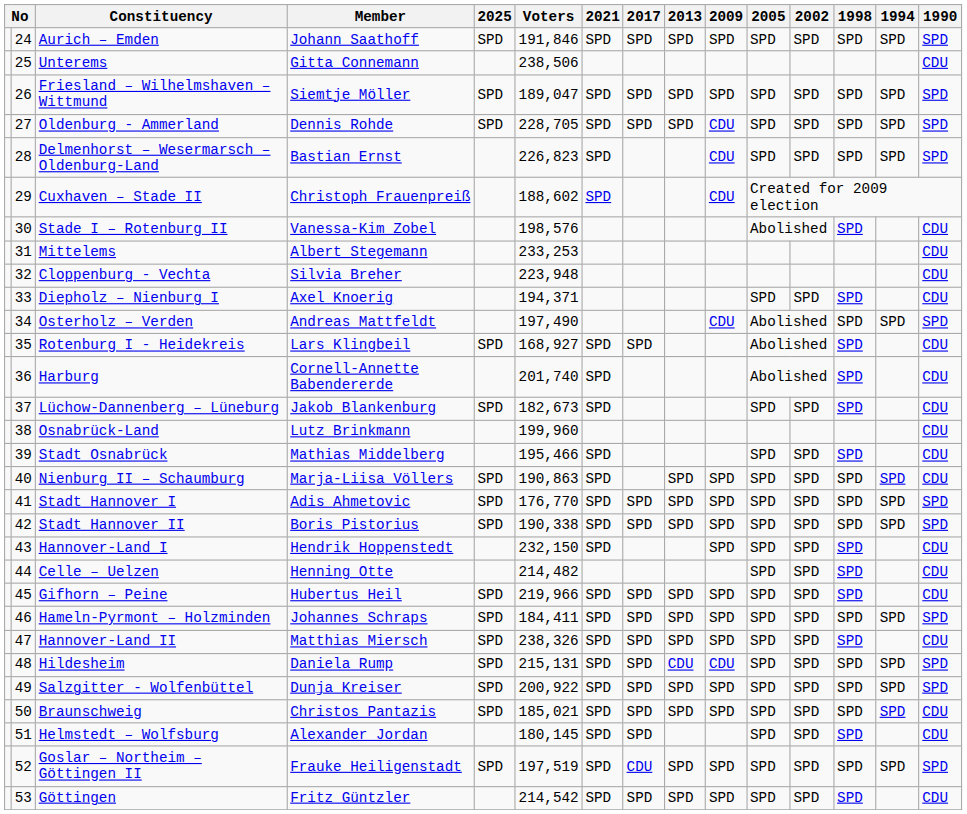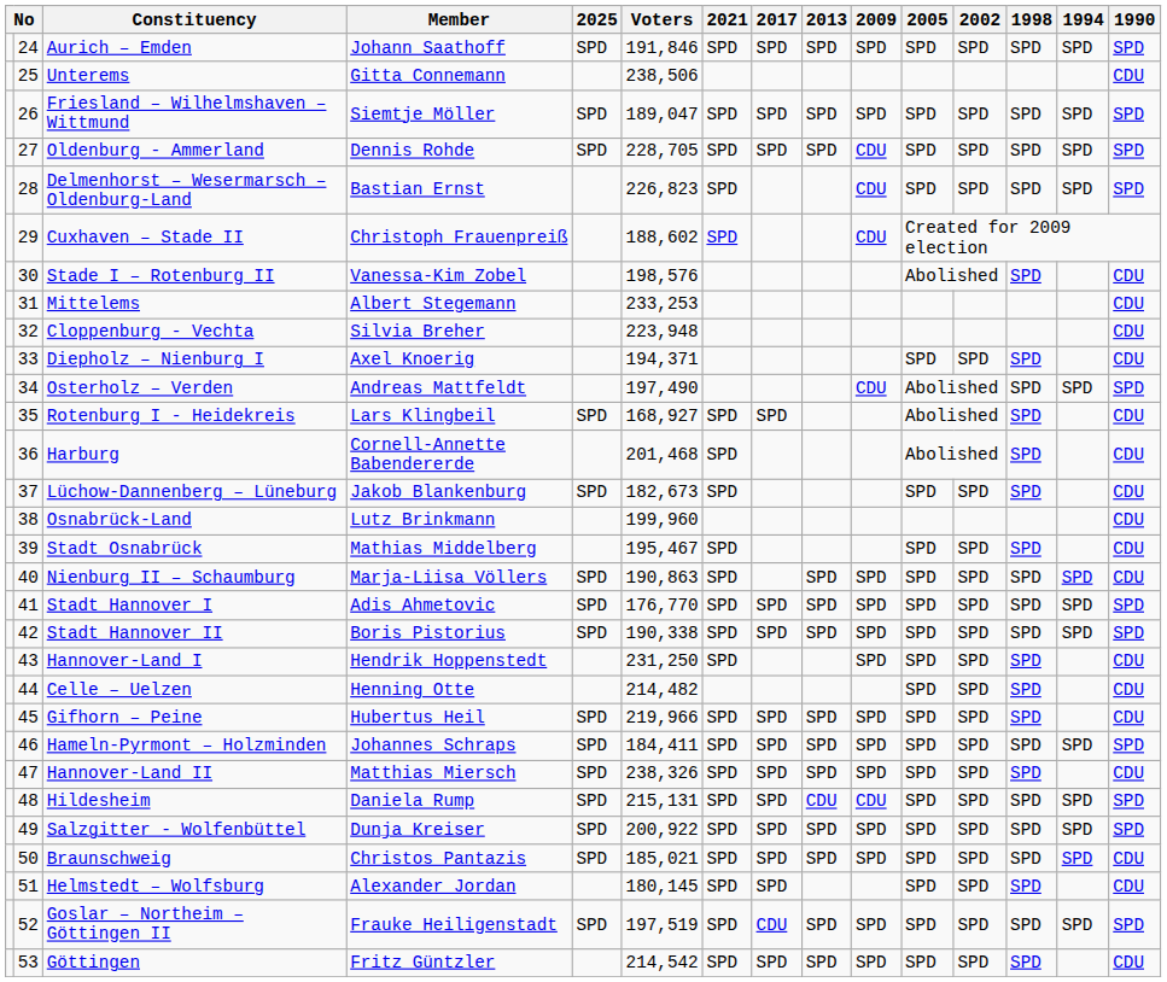 <table class="wikitable sortable">
 <tr>
 <th colspan=2>No</th>
 <th>Constituency</th>
 <th>Member</th>
 <th>2025</th>
 <th>Voters</th>
 <th>2021</th>
 <th>2017</th>
 <th>2013</th>
 <th>2009</th>
 <th>2005</th>
 <th>2002</th>
 <th>1998</th>
 <th>1994</th>
 <th>1990</th>
 </tr>
 <tr>
 <td style="background-color: "></td>
 <td>24</td>
 <td><a href='#'>Aurich – Emden</a></td>
 <td><a href='#'>Johann Saathoff</a></td>
 <td bgcolor=>SPD</td>
 <td>191,846</td>
 <td bgcolor=>SPD</td>
 <td bgcolor=>SPD</td>
 <td bgcolor=>SPD</td>
 <td bgcolor=>SPD</td>
 <td bgcolor=>SPD</td>
 <td bgcolor=>SPD</td>
 <td bgcolor=>SPD</td>
 <td bgcolor=>SPD</td>
 <td><a href='#'>SPD</a></td>
 </tr>
 <tr>
 <td style="background-color: "></td>
 <td>25</td>
 <td><a href='#'>Unterems</a></td>
 <td><a href='#'>Gitta Connemann</a></td>
 <td></td>
 <td>238,506</td>
 <td></td>
 <td></td>
 <td></td>
 <td></td>
 <td></td>
 <td></td>
 <td></td>
 <td></td>
 <td><a href='#'>CDU</a></td>
 </tr>
 <tr>
 <td style="background-color: "></td>
 <td>26</td>
 <td><a href='#'>Friesland – Wilhelmshaven – Wittmund</a></td>
 <td><a href='#'>Siemtje Möller</a></td>
 <td bgcolor=>SPD</td>
 <td>189,047</td>
 <td bgcolor=>SPD</td>
 <td bgcolor=>SPD</td>
 <td bgcolor=>SPD</td>
 <td bgcolor=>SPD</td>
 <td bgcolor=>SPD</td>
 <td bgcolor=>SPD</td>
 <td bgcolor=>SPD</td>
 <td bgcolor=>SPD</td>
 <td><a href='#'>SPD</a></td>
 </tr>
 <tr>
 <td style="background-color: "></td>
 <td>27</td>
 <td><a href='#'>Oldenburg - Ammerland</a></td>
 <td><a href='#'>Dennis Rohde</a></td>
 <td bgcolor=>SPD</td>
 <td>228,705</td>
 <td bgcolor=>SPD</td>
 <td bgcolor=>SPD</td>
 <td bgcolor=>SPD</td>
 <td><a href='#'>CDU</a></td>
 <td bgcolor=>SPD</td>
 <td bgcolor=>SPD</td>
 <td bgcolor=>SPD</td>
 <td bgcolor=>SPD</td>
 <td><a href='#'>SPD</a></td>
 </tr>
 <tr>
 <td style="background-color: "></td>
 <td>28</td>
 <td><a href='#'>Delmenhorst – Wesermarsch – Oldenburg-Land</a></td>
 <td><a href='#'>Bastian Ernst</a></td>
 <td></td>
 <td>226,823</td>
 <td bgcolor=>SPD</td>
 <td></td>
 <td></td>
 <td><a href='#'>CDU</a></td>
 <td bgcolor=>SPD</td>
 <td bgcolor=>SPD</td>
 <td bgcolor=>SPD</td>
 <td bgcolor=>SPD</td>
 <td><a href='#'>SPD</a></td>
 </tr>
 <tr>
 <td style="background-color: "></td>
 <td>29</td>
 <td><a href='#'>Cuxhaven – Stade II</a></td>
 <td><a href='#'>Christoph Frauenpreiß</a></td>
 <td></td>
 <td>188,602</td>
 <td><a href='#'>SPD</a></td>
 <td></td>
 <td></td>
 <td><a href='#'>CDU</a></td>
 <td colspan=5>Created for 2009 election</td>
 </tr>
 <tr>
 <td style="background-color: "></td>
 <td>30</td>
 <td><a href='#'>Stade I – Rotenburg II</a></td>
 <td><a href='#'>Vanessa-Kim Zobel</a></td>
 <td></td>
 <td>198,576</td>
 <td></td>
 <td></td>
 <td></td>
 <td></td>
 <td colspan=2>Abolished</td>
 <td><a href='#'>SPD</a></td>
 <td></td>
 <td><a href='#'>CDU</a></td>
 </tr>
 <tr>
 <td style="background-color: "></td>
 <td>31</td>
 <td><a href='#'>Mittelems</a></td>
 <td><a href='#'>Albert Stegemann</a></td>
 <td></td>
 <td>233,253</td>
 <td></td>
 <td></td>
 <td></td>
 <td></td>
 <td></td>
 <td></td>
 <td></td>
 <td></td>
 <td><a href='#'>CDU</a></td>
 </tr>
 <tr>
 <td style="background-color: "></td>
 <td>32</td>
 <td><a href='#'>Cloppenburg - Vechta</a></td>
 <td><a href='#'>Silvia Breher</a></td>
 <td></td>
 <td>223,948</td>
 <td></td>
 <td></td>
 <td></td>
 <td></td>
 <td></td>
 <td></td>
 <td></td>
 <td></td>
 <td><a href='#'>CDU</a></td>
 </tr>
 <tr>
 <td style="background-color: "></td>
 <td>33</td>
 <td><a href='#'>Diepholz – Nienburg I</a></td>
 <td><a href='#'>Axel Knoerig</a></td>
 <td></td>
 <td>194,371</td>
 <td></td>
 <td></td>
 <td></td>
 <td></td>
 <td bgcolor=>SPD</td>
 <td bgcolor=>SPD</td>
 <td><a href='#'>SPD</a></td>
 <td></td>
 <td><a href='#'>CDU</a></td>
 </tr>
 <tr>
 <td style="background-color: "></td>
 <td>34</td>
 <td><a href='#'>Osterholz – Verden</a></td>
 <td><a href='#'>Andreas Mattfeldt</a></td>
 <td></td>
 <td>197,490</td>
 <td></td>
 <td></td>
 <td></td>
 <td><a href='#'>CDU</a></td>
 <td colspan=2>Abolished</td>
 <td bgcolor=>SPD</td>
 <td bgcolor=>SPD</td>
 <td><a href='#'>SPD</a></td>
 </tr>
 <tr>
 <td style="background-color: "></td>
 <td>35</td>
 <td><a href='#'>Rotenburg I - Heidekreis</a></td>
 <td><a href='#'>Lars Klingbeil</a></td>
 <td bgcolor=>SPD</td>
 <td>168,927</td>
 <td bgcolor=>SPD</td>
 <td bgcolor=>SPD</td>
 <td></td>
 <td></td>
 <td colspan=2>Abolished</td>
 <td><a href='#'>SPD</a></td>
 <td></td>
 <td><a href='#'>CDU</a></td>
 </tr>
 <tr>
 <td style="background-color: "></td>
 <td>36</td>
 <td><a href='#'>Harburg</a></td>
 <td><a href='#'>Cornell-Annette Babendererde</a></td>
 <td></td>
-<td>201,740</td>
+<td>201,468</td>
 <td bgcolor=>SPD</td>
 <td></td>
 <td></td>
 <td></td>
 <td colspan=2>Abolished</td>
 <td><a href='#'>SPD</a></td>
 <td></td>
 <td><a href='#'>CDU</a></td>
 </tr>
 <tr>
 <td style="background-color: "></td>
 <td>37</td>
 <td><a href='#'>Lüchow-Dannenberg – Lüneburg</a></td>
 <td><a href='#'>Jakob Blankenburg</a></td>
 <td bgcolor=>SPD</td>
 <td>182,673</td>
 <td bgcolor=>SPD</td>
 <td></td>
 <td></td>
 <td></td>
 <td bgcolor=>SPD</td>
 <td bgcolor=>SPD</td>
 <td><a href='#'>SPD</a></td>
 <td></td>
 <td><a href='#'>CDU</a></td>
 </tr>
 <tr>
 <td style="background-color: "></td>
 <td>38</td>
 <td><a href='#'>Osnabrück-Land</a></td>
 <td><a href='#'>Lutz Brinkmann</a></td>
 <td></td>
 <td>199,960</td>
 <td></td>
 <td></td>
 <td></td>
 <td></td>
 <td></td>
 <td></td>
 <td></td>
 <td></td>
 <td><a href='#'>CDU</a></td>
 </tr>
 <tr>
 <td style="background-color: "></td>
 <td>39</td>
 <td><a href='#'>Stadt Osnabrück</a></td>
 <td><a href='#'>Mathias Middelberg</a></td>
 <td></td>
-<td>195,466</td>
+<td>195,467</td>
 <td bgcolor=>SPD</td>
 <td></td>
 <td></td>
 <td></td>
 <td bgcolor=>SPD</td>
 <td bgcolor=>SPD</td>
 <td><a href='#'>SPD</a></td>
 <td></td>
 <td><a href='#'>CDU</a></td>
 </tr>
 <tr>
 <td style="background-color: "></td>
 <td>40</td>
 <td><a href='#'>Nienburg II – Schaumburg</a></td>
 <td><a href='#'>Marja-Liisa Völlers</a></td>
 <td bgcolor=>SPD</td>
 <td>190,863</td>
 <td bgcolor=>SPD</td>
 <td></td>
 <td bgcolor=>SPD</td>
 <td bgcolor=>SPD</td>
 <td bgcolor=>SPD</td>
 <td bgcolor=>SPD</td>
 <td bgcolor=>SPD</td>
 <td><a href='#'>SPD</a></td>
 <td><a href='#'>CDU</a></td>
 </tr>
 <tr>
 <td style="background-color: "></td>
 <td>41</td>
 <td><a href='#'>Stadt Hannover I</a></td>
 <td><a href='#'>Adis Ahmetovic</a></td>
 <td bgcolor=>SPD</td>
 <td>176,770</td>
 <td bgcolor=>SPD</td>
 <td bgcolor=>SPD</td>
 <td bgcolor=>SPD</td>
 <td bgcolor=>SPD</td>
 <td bgcolor=>SPD</td>
 <td bgcolor=>SPD</td>
 <td bgcolor=>SPD</td>
 <td bgcolor=>SPD</td>
 <td><a href='#'>SPD</a></td>
 </tr>
 <tr>
 <td style="background-color: "></td>
 <td>42</td>
 <td><a href='#'>Stadt Hannover II</a></td>
 <td><a href='#'>Boris Pistorius</a></td>
 <td bgcolor=>SPD</td>
 <td>190,338</td>
 <td bgcolor=>SPD</td>
 <td bgcolor=>SPD</td>
 <td bgcolor=>SPD</td>
 <td bgcolor=>SPD</td>
 <td bgcolor=>SPD</td>
 <td bgcolor=>SPD</td>
 <td bgcolor=>SPD</td>
 <td bgcolor=>SPD</td>
 <td><a href='#'>SPD</a></td>
 </tr>
 <tr>
 <td style="background-color: "></td>
 <td>43</td>
 <td><a href='#'>Hannover-Land I</a></td>
 <td><a href='#'>Hendrik Hoppenstedt</a></td>
 <td></td>
-<td>232,150</td>
+<td>231,250</td>
 <td bgcolor=>SPD</td>
 <td></td>
 <td></td>
 <td bgcolor=>SPD</td>
 <td bgcolor=>SPD</td>
 <td bgcolor=>SPD</td>
 <td><a href='#'>SPD</a></td>
 <td></td>
 <td><a href='#'>CDU</a></td>
 </tr>
 <tr>
 <td style="background-color: "></td>
 <td>44</td>
 <td><a href='#'>Celle – Uelzen</a></td>
 <td><a href='#'>Henning Otte</a></td>
 <td></td>
 <td>214,482</td>
 <td></td>
 <td></td>
 <td></td>
 <td></td>
 <td bgcolor=>SPD</td>
 <td bgcolor=>SPD</td>
 <td><a href='#'>SPD</a></td>
 <td></td>
 <td><a href='#'>CDU</a></td>
 </tr>
 <tr>
 <td style="background-color: "></td>
 <td>45</td>
 <td><a href='#'>Gifhorn – Peine</a></td>
 <td><a href='#'>Hubertus Heil</a></td>
 <td bgcolor=>SPD</td>
 <td>219,966</td>
 <td bgcolor=>SPD</td>
 <td bgcolor=>SPD</td>
 <td bgcolor=>SPD</td>
 <td bgcolor=>SPD</td>
 <td bgcolor=>SPD</td>
 <td bgcolor=>SPD</td>
 <td><a href='#'>SPD</a></td>
 <td></td>
 <td><a href='#'>CDU</a></td>
 </tr>
 <tr>
 <td style="background-color: "></td>
 <td>46</td>
 <td><a href='#'>Hameln-Pyrmont – Holzminden</a></td>
 <td><a href='#'>Johannes Schraps</a></td>
 <td bgcolor=>SPD</td>
 <td>184,411</td>
 <td bgcolor=>SPD</td>
 <td bgcolor=>SPD</td>
 <td bgcolor=>SPD</td>
 <td bgcolor=>SPD</td>
 <td bgcolor=>SPD</td>
 <td bgcolor=>SPD</td>
 <td bgcolor=>SPD</td>
 <td bgcolor=>SPD</td>
 <td><a href='#'>SPD</a></td>
 </tr>
 <tr>
 <td style="background-color: "></td>
 <td>47</td>
 <td><a href='#'>Hannover-Land II</a></td>
 <td><a href='#'>Matthias Miersch</a></td>
 <td bgcolor=>SPD</td>
 <td>238,326</td>
 <td bgcolor=>SPD</td>
 <td bgcolor=>SPD</td>
 <td bgcolor=>SPD</td>
 <td bgcolor=>SPD</td>
 <td bgcolor=>SPD</td>
 <td bgcolor=>SPD</td>
 <td><a href='#'>SPD</a></td>
 <td></td>
 <td><a href='#'>CDU</a></td>
 </tr>
 <tr>
 <td style="background-color: "></td>
 <td>48</td>
 <td><a href='#'>Hildesheim</a></td>
 <td><a href='#'>Daniela Rump</a></td>
 <td bgcolor=>SPD</td>
 <td>215,131</td>
 <td bgcolor=>SPD</td>
 <td bgcolor=>SPD</td>
 <td><a href='#'>CDU</a></td>
 <td><a href='#'>CDU</a></td>
 <td bgcolor=>SPD</td>
 <td bgcolor=>SPD</td>
 <td bgcolor=>SPD</td>
 <td bgcolor=>SPD</td>
 <td><a href='#'>SPD</a></td>
 </tr>
 <tr>
 <td style="background-color: "></td>
 <td>49</td>
 <td><a href='#'>Salzgitter - Wolfenbüttel</a></td>
 <td><a href='#'>Dunja Kreiser</a></td>
 <td bgcolor=>SPD</td>
 <td>200,922</td>
 <td bgcolor=>SPD</td>
 <td bgcolor=>SPD</td>
 <td bgcolor=>SPD</td>
 <td bgcolor=>SPD</td>
 <td bgcolor=>SPD</td>
 <td bgcolor=>SPD</td>
 <td bgcolor=>SPD</td>
 <td bgcolor=>SPD</td>
 <td><a href='#'>SPD</a></td>
 </tr>
 <tr>
 <td style="background-color: "></td>
 <td>50</td>
 <td><a href='#'>Braunschweig</a></td>
 <td><a href='#'>Christos Pantazis</a></td>
 <td bgcolor=>SPD</td>
 <td>185,021</td>
 <td bgcolor=>SPD</td>
 <td bgcolor=>SPD</td>
 <td bgcolor=>SPD</td>
 <td bgcolor=>SPD</td>
 <td bgcolor=>SPD</td>
 <td bgcolor=>SPD</td>
 <td bgcolor=>SPD</td>
 <td><a href='#'>SPD</a></td>
 <td><a href='#'>CDU</a></td>
 </tr>
 <tr>
 <td style="background-color: "></td>
 <td>51</td>
 <td><a href='#'>Helmstedt – Wolfsburg</a></td>
 <td><a href='#'>Alexander Jordan</a></td>
 <td></td>
 <td>180,145</td>
 <td bgcolor=>SPD</td>
 <td bgcolor=>SPD</td>
 <td></td>
 <td></td>
 <td bgcolor=>SPD</td>
 <td bgcolor=>SPD</td>
 <td><a href='#'>SPD</a></td>
 <td></td>
 <td><a href='#'>CDU</a></td>
 </tr>
 <tr>
 <td style="background-color: "></td>
 <td>52</td>
 <td><a href='#'>Goslar – Northeim – Göttingen II</a></td>
 <td><a href='#'>Frauke Heiligenstadt</a></td>
 <td bgcolor=>SPD</td>
 <td>197,519</td>
 <td bgcolor=>SPD</td>
 <td><a href='#'>CDU</a></td>
 <td bgcolor=>SPD</td>
 <td bgcolor=>SPD</td>
 <td bgcolor=>SPD</td>
 <td bgcolor=>SPD</td>
 <td bgcolor=>SPD</td>
 <td bgcolor=>SPD</td>
 <td><a href='#'>SPD</a></td>
 </tr>
 <tr>
 <td style="background-color: "></td>
 <td>53</td>
 <td><a href='#'>Göttingen</a></td>
 <td><a href='#'>Fritz Güntzler</a></td>
 <td></td>
 <td>214,542</td>
 <td bgcolor=>SPD</td>
 <td bgcolor=>SPD</td>
 <td bgcolor=>SPD</td>
 <td bgcolor=>SPD</td>
 <td bgcolor=>SPD</td>
 <td bgcolor=>SPD</td>
 <td><a href='#'>SPD</a></td>
 <td></td>
 <td><a href='#'>CDU</a></td>
 </tr>
 </table>
